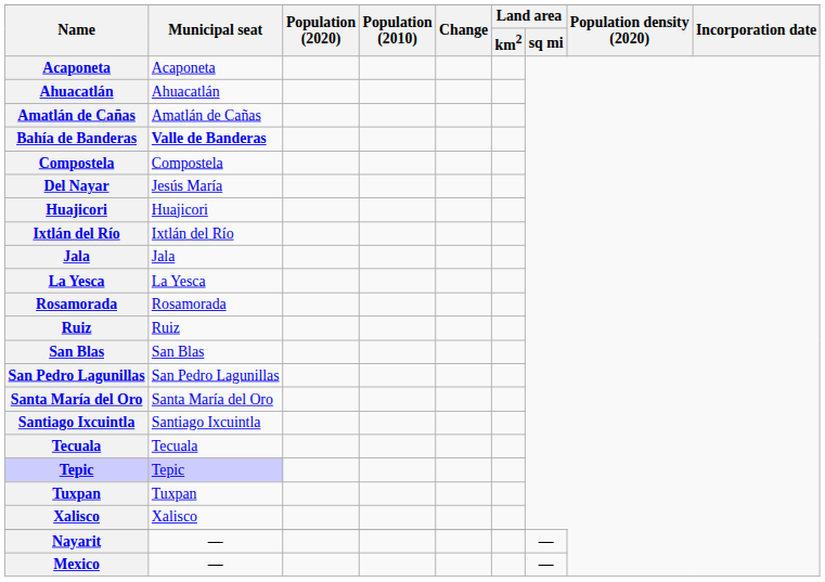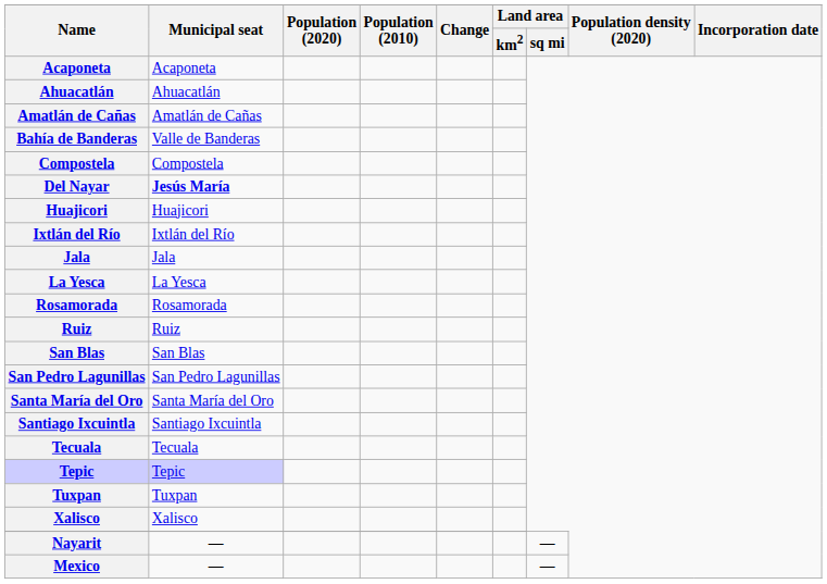 <table class="wikitable sortable" style="text-align:right;">
 <tr>
 </tr>
 <tr>
 <th scope="col"  rowspan=2>Name</th>
 <th scope="col"  rowspan=2>Municipal seat</th>
 <th scope="col"  rowspan=2>Population<br>(2020)</th>
 <th scope="col"  rowspan=2>Population<br>(2010)</th>
 <th scope="col"  rowspan=2>Change</th>
 <th scope="col" data-sort-type="number"  colspan=2>Land area</th>
 <th scope="col" data-sort-type="number"  rowspan=2>Population density<br>(2020)</th>
 <th scope="col"  rowspan=2>Incorporation date</th>
 </tr>
 <tr>
 <th scope="col">km<sup>2</sup></th>
 <th scope="col">sq mi</th>
 </tr>
 <tr>
 <th scope="row" align="left"><a href='#'>Acaponeta</a></th>
 <td align=left><a href='#'>Acaponeta</a></td>
 <td></td>
 <td></td>
 <td></td>
 <td></td>
 </tr>
 <tr>
 <th scope="row" align="left"><a href='#'>Ahuacatlán</a></th>
 <td align=left><a href='#'>Ahuacatlán</a></td>
 <td></td>
 <td></td>
 <td></td>
 <td></td>
 </tr>
 <tr>
 <th scope="row" align="left"><a href='#'>Amatlán de Cañas</a></th>
 <td align=left><a href='#'>Amatlán de Cañas</a></td>
 <td></td>
 <td></td>
 <td></td>
 <td></td>
 </tr>
 <tr>
 <th scope="row" align="left"><a href='#'>Bahía de Banderas</a></th>
-<td align=left><strong><a href='#'>Valle de Banderas</a></strong></td>
+<td align=left><a href='#'>Valle de Banderas</a></td>
 <td></td>
 <td></td>
 <td></td>
 <td></td>
 </tr>
 <tr>
 <th scope="row" align="left"><a href='#'>Compostela</a></th>
 <td align=left><a href='#'>Compostela</a></td>
 <td></td>
 <td></td>
 <td></td>
 <td></td>
 </tr>
 <tr>
 <th scope="row" align="left"><a href='#'>Del Nayar</a></th>
-<td align=left><a href='#'>Jesús María</a></td>
+<td align=left><strong><a href='#'>Jesús María</a></strong></td>
 <td></td>
 <td></td>
 <td></td>
 <td></td>
 </tr>
 <tr>
 <th scope="row" align="left"><a href='#'>Huajicori</a></th>
 <td align=left><a href='#'>Huajicori</a></td>
 <td></td>
 <td></td>
 <td></td>
 <td></td>
 </tr>
 <tr>
 <th scope="row" align="left"><a href='#'>Ixtlán del Río</a></th>
 <td align=left><a href='#'>Ixtlán del Río</a></td>
 <td></td>
 <td></td>
 <td></td>
 <td></td>
 </tr>
 <tr>
 <th scope="row" align="left"><a href='#'>Jala</a></th>
 <td align=left><a href='#'>Jala</a></td>
 <td></td>
 <td></td>
 <td></td>
 <td></td>
 </tr>
 <tr>
 <th scope="row" align="left"><a href='#'>La Yesca</a></th>
 <td align=left><a href='#'>La Yesca</a></td>
 <td></td>
 <td></td>
 <td></td>
 <td></td>
 </tr>
 <tr>
 <th scope="row" align="left"><a href='#'>Rosamorada</a></th>
 <td align=left><a href='#'>Rosamorada</a></td>
 <td></td>
 <td></td>
 <td></td>
 <td></td>
 </tr>
 <tr>
 <th scope="row" align="left"><a href='#'>Ruiz</a></th>
 <td align=left><a href='#'>Ruiz</a></td>
 <td></td>
 <td></td>
 <td></td>
 <td></td>
 </tr>
 <tr>
 <th scope="row" align="left"><a href='#'>San Blas</a></th>
 <td align=left><a href='#'>San Blas</a></td>
 <td></td>
 <td></td>
 <td></td>
 <td></td>
 </tr>
 <tr>
 <th scope="row" align="left"><a href='#'>San Pedro Lagunillas</a></th>
 <td align=left><a href='#'>San Pedro Lagunillas</a></td>
 <td></td>
 <td></td>
 <td></td>
 <td></td>
 </tr>
 <tr>
 <th scope="row" align="left"><a href='#'>Santa María del Oro</a></th>
 <td align=left><a href='#'>Santa María del Oro</a></td>
 <td></td>
 <td></td>
 <td></td>
 <td></td>
 </tr>
 <tr>
 <th scope="row" align="left"><a href='#'>Santiago Ixcuintla</a></th>
 <td align=left><a href='#'>Santiago Ixcuintla</a></td>
 <td></td>
 <td></td>
 <td></td>
 <td></td>
 </tr>
 <tr>
 <th scope="row" align="left"><a href='#'>Tecuala</a></th>
 <td align=left><a href='#'>Tecuala</a></td>
 <td></td>
 <td></td>
 <td></td>
 <td></td>
 </tr>
 <tr>
 <th scope="row" align="left" style="background:#CCF;"><a href='#'>Tepic</a></th>
 <td align=left style="background:#CCF;"><a href='#'>Tepic</a></td>
 <td></td>
 <td></td>
 <td></td>
 <td></td>
 </tr>
 <tr>
 <th scope="row" align="left"><a href='#'>Tuxpan</a></th>
 <td align=left><a href='#'>Tuxpan</a></td>
 <td></td>
 <td></td>
 <td></td>
 <td></td>
 </tr>
 <tr>
 <th scope="row" align="left"><a href='#'>Xalisco</a></th>
 <td align=left><a href='#'>Xalisco</a></td>
 <td></td>
 <td></td>
 <td></td>
 <td></td>
 </tr>
 <tr>
 </tr>
 <tr class="sortbottom" style="text-align:center;" style="background: #f2f2f2;">
 <th scope="row" align="left"><strong><a href='#'>Nayarit</a></strong></th>
 <td><strong>—</strong></td>
 <td></td>
 <td><strong></strong></td>
 <td><strong></strong></td>
 <td align="right"><strong></strong></td>
 <td><strong>—</strong></td>
 </tr>
 <tr class="sortbottom" style="text-align:center;" style="background: #f2f2f2;">
 <th scope="row" align="left"><strong><a href='#'>Mexico</a></strong></th>
 <td><strong>—</strong></td>
 <td></td>
 <td><strong></strong></td>
 <td><strong></strong></td>
 <td align="right"><strong></strong></td>
 <td><strong>—</strong></td>
 </tr>
 </table>
